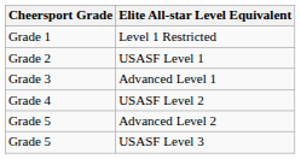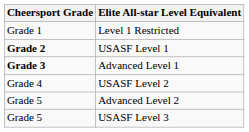 <table class="wikitable">
 <tr>
 <th>Cheersport Grade</th>
 <th>Elite All-star Level Equivalent</th>
 </tr>
 <tr>
 <td>Grade 1</td>
 <td>Level 1 Restricted</td>
 </tr>
 <tr>
-<td>Grade 2</td>
+<td><strong>Grade 2</strong></td>
 <td>USASF Level 1</td>
 </tr>
 <tr>
-<td>Grade 3</td>
+<td><strong>Grade 3</strong></td>
 <td>Advanced Level 1</td>
 </tr>
 <tr>
 <td>Grade 4</td>
 <td>USASF Level 2</td>
 </tr>
 <tr>
 <td>Grade 5</td>
 <td>Advanced Level 2</td>
 </tr>
 <tr>
 <td>Grade 5</td>
 <td>USASF Level 3</td>
 </tr>
 </table>
